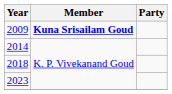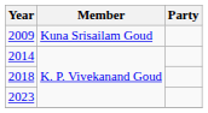 <table class="wikitable">
 <tr>
 <th>Year</th>
 <th>Member</th>
 <th colspan="2">Party</th>
 </tr>
 <tr>
 <td><a href='#'>2009</a></td>
-<td><strong><a href='#'>Kuna Srisailam Goud</a></strong></td>
+<td><a href='#'>Kuna Srisailam Goud</a></td>
 <td></td>
 </tr>
 <tr>
 <td><a href='#'>2014</a></td>
 <td rowspan="3"><a href='#'>K. P. Vivekanand Goud</a></td>
 <td></td>
 </tr>
 <tr>
 <td><a href='#'>2018</a></td>
 <td></td>
 </tr>
 <tr>
 <td><a href='#'>2023</a></td>
 <td></td>
 </tr>
 <tr>
 </tr>
 </table>
